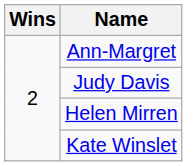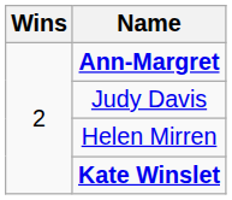 <table class="wikitable sortable" style="text-align: center;">
 <tr>
 <th scope="col">Wins</th>
 <th scope="col" align="center">Name</th>
 </tr>
 <tr>
 <td rowspan="4">2</td>
-<td><a href='#'>Ann-Margret</a></td>
+<td><strong><a href='#'>Ann-Margret</a></strong></td>
 </tr>
 <tr>
 <td><a href='#'>Judy Davis</a></td>
 </tr>
 <tr>
 <td><a href='#'>Helen Mirren</a></td>
 </tr>
 <tr>
-<td><a href='#'>Kate Winslet</a></td>
+<td><strong><a href='#'>Kate Winslet</a></strong></td>
 </tr>
 </table>
